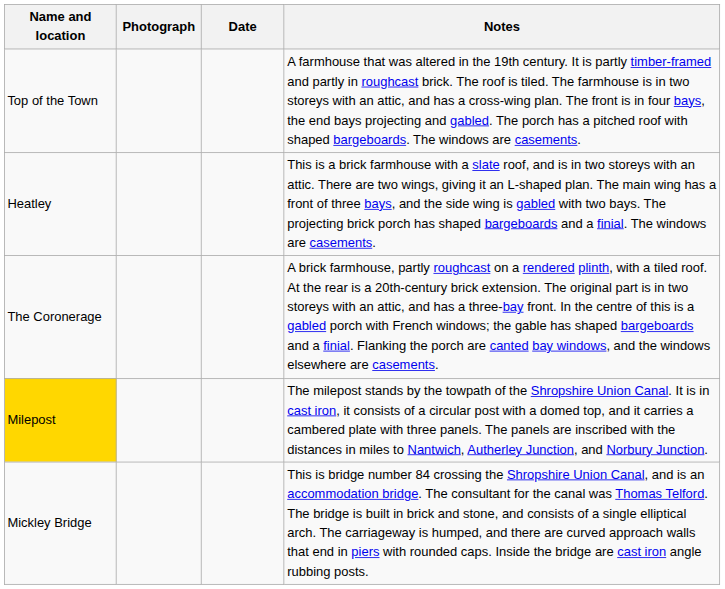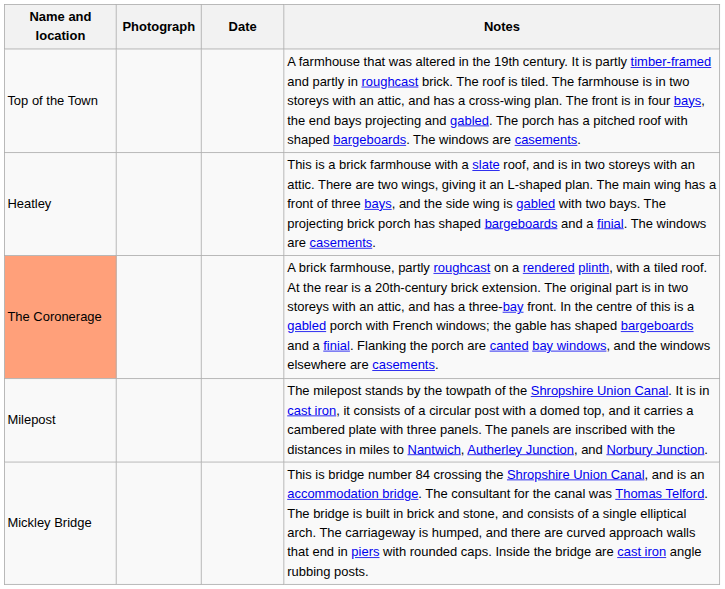 <table class="wikitable sortable plainrowheaders" style="width:100%;border:0px;text-align:left;line-height:150%;">
 <tr>
 <th scope="col"  style="width:150px">Name and location</th>
 <th scope="col"  style="width:100px" class="unsortable">Photograph</th>
 <th scope="col"  style="width:120px">Date</th>
 <th scope="col"  style="width:700px" class="unsortable">Notes</th>
 </tr>
 <tr>
 <td>Top of the Town<br><small></small></td>
 <td></td>
 <td align="center"></td>
 <td>A farmhouse that was altered in the 19th century.  It is partly <a href='#'>timber-framed</a> and partly in <a href='#'>roughcast</a> brick.  The roof is tiled.  The farmhouse is in two storeys with an attic, and has a cross-wing plan.  The front is in four <a href='#'>bays</a>, the end bays projecting and <a href='#'>gabled</a>.  The porch has a pitched roof with shaped <a href='#'>bargeboards</a>.  The windows are <a href='#'>casements</a>.</td>
 </tr>
 <tr>
 <td>Heatley<br><small></small></td>
 <td></td>
 <td align="center"></td>
 <td>This is a brick farmhouse with a <a href='#'>slate</a> roof, and is in two storeys with an attic.  There are two wings, giving it an L-shaped plan.  The main wing has a front of three <a href='#'>bays</a>, and the side wing is <a href='#'>gabled</a> with two bays.  The projecting brick porch has shaped <a href='#'>bargeboards</a> and a <a href='#'>finial</a>.  The windows are <a href='#'>casements</a>.</td>
 </tr>
 <tr>
-<td>The Coronerage<br><small></small></td>
+<td style="background: lightsalmon;">The Coronerage<br><small></small></td>
 <td></td>
 <td align="center"></td>
 <td>A brick farmhouse, partly <a href='#'>roughcast</a> on a <a href='#'>rendered</a> <a href='#'>plinth</a>, with a tiled roof.  At the rear is a 20th-century brick extension.  The original part is in two storeys with an attic, and has a three-<a href='#'>bay</a> front.  In the centre of this is a <a href='#'>gabled</a> porch with French windows; the gable has shaped <a href='#'>bargeboards</a> and a <a href='#'>finial</a>.  Flanking the porch are <a href='#'>canted</a> <a href='#'>bay windows</a>, and the windows elsewhere are <a href='#'>casements</a>.</td>
 </tr>
 <tr>
-<td style="background: gold;">Milepost<br><small></small></td>
+<td>Milepost<br><small></small></td>
 <td></td>
 <td align="center"></td>
 <td>The milepost stands by the towpath of the <a href='#'>Shropshire Union Canal</a>.  It is in <a href='#'>cast iron</a>, it consists of a circular post with a domed top, and it carries a cambered plate with three panels.  The panels are inscribed with the distances in miles to <a href='#'>Nantwich</a>, <a href='#'>Autherley Junction</a>, and <a href='#'>Norbury Junction</a>.</td>
 </tr>
 <tr>
 <td>Mickley Bridge<br><small></small></td>
 <td></td>
 <td align="center"></td>
 <td>This is bridge number 84 crossing the <a href='#'>Shropshire Union Canal</a>, and is an<br><a href='#'>accommodation bridge</a>.  The consultant for the canal was <a href='#'>Thomas Telford</a>.  The bridge is built in brick and stone, and consists of a single elliptical arch.  The carriageway is humped, and there are curved approach walls that end in <a href='#'>piers</a> with rounded caps.  Inside the bridge are <a href='#'>cast iron</a> angle rubbing posts.</td>
 </tr>
 <tr>
 </tr>
 </table>
